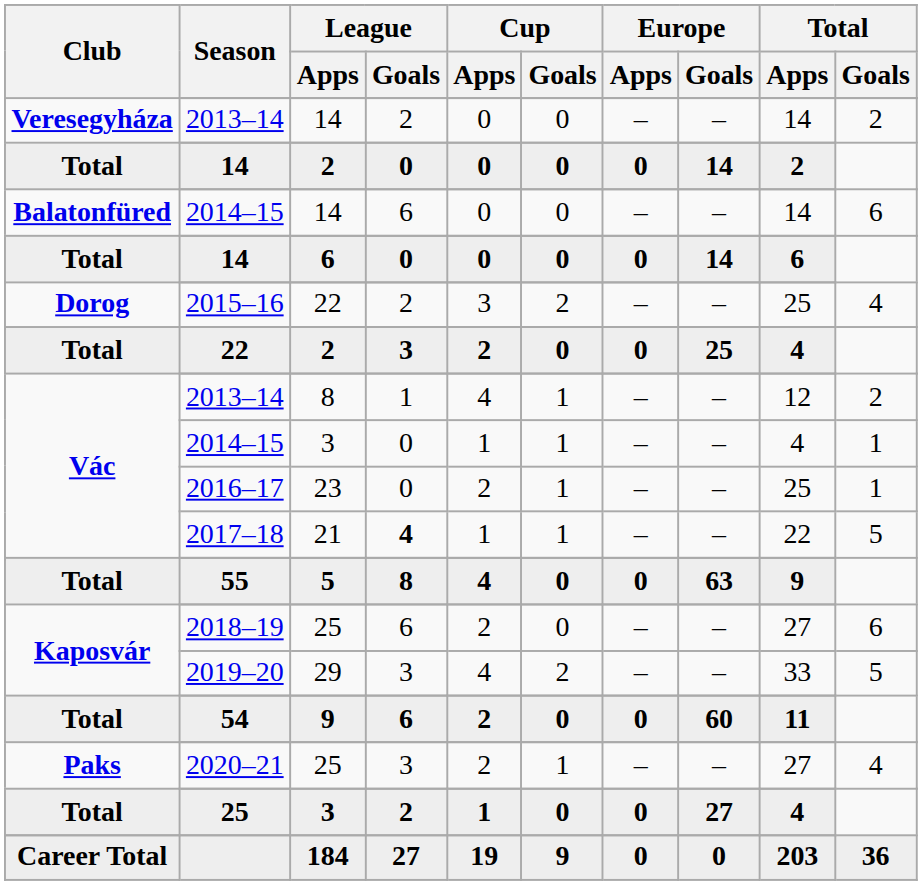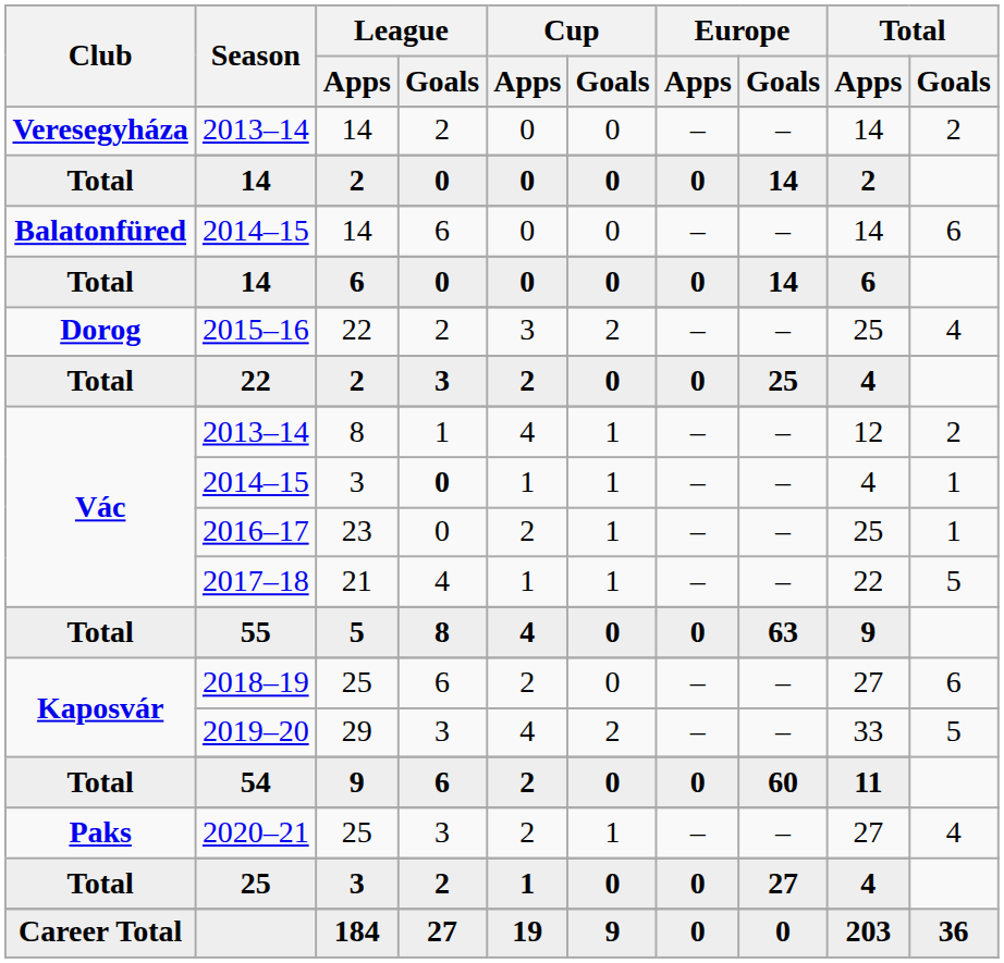 <table class="wikitable" style="font-size:90%; text-align: center;">
 <tr>
 <th rowspan="2">Club</th>
 <th rowspan="2">Season</th>
 <th colspan="2">League</th>
 <th colspan="2">Cup</th>
 <th colspan="2">Europe</th>
 <th colspan="2">Total</th>
 </tr>
 <tr>
 <th>Apps</th>
 <th>Goals</th>
 <th>Apps</th>
 <th>Goals</th>
 <th>Apps</th>
 <th>Goals</th>
 <th>Apps</th>
 <th>Goals</th>
 </tr>
 <tr ||-||-||-|->
 <td rowspan="3" valign="center"><strong><a href='#'>Veresegyháza</a></strong></td>
 </tr>
 <tr>
 <td><a href='#'>2013–14</a></td>
 <td>14</td>
 <td>2</td>
 <td>0</td>
 <td>0</td>
 <td>–</td>
 <td>–</td>
 <td>14</td>
 <td>2</td>
 </tr>
 <tr>
 </tr>
 <tr style="font-weight:bold; background-color:#eeeeee;">
 <td>Total</td>
 <td>14</td>
 <td>2</td>
 <td>0</td>
 <td>0</td>
 <td>0</td>
 <td>0</td>
 <td>14</td>
 <td>2</td>
 </tr>
 <tr>
 <td rowspan="3" valign="center"><strong><a href='#'>Balatonfüred</a></strong></td>
 </tr>
 <tr>
 <td><a href='#'>2014–15</a></td>
 <td>14</td>
 <td>6</td>
 <td>0</td>
 <td>0</td>
 <td>–</td>
 <td>–</td>
 <td>14</td>
 <td>6</td>
 </tr>
 <tr>
 </tr>
 <tr style="font-weight:bold; background-color:#eeeeee;">
 <td>Total</td>
 <td>14</td>
 <td>6</td>
 <td>0</td>
 <td>0</td>
 <td>0</td>
 <td>0</td>
 <td>14</td>
 <td>6</td>
 </tr>
 <tr>
 <td rowspan="3" valign="center"><strong><a href='#'>Dorog</a></strong></td>
 </tr>
 <tr>
 <td><a href='#'>2015–16</a></td>
 <td>22</td>
 <td>2</td>
 <td>3</td>
 <td>2</td>
 <td>–</td>
 <td>–</td>
 <td>25</td>
 <td>4</td>
 </tr>
 <tr>
 </tr>
 <tr style="font-weight:bold; background-color:#eeeeee;">
 <td>Total</td>
 <td>22</td>
 <td>2</td>
 <td>3</td>
 <td>2</td>
 <td>0</td>
 <td>0</td>
 <td>25</td>
 <td>4</td>
 </tr>
 <tr>
 <td rowspan="6" valign="center"><strong><a href='#'>Vác</a></strong></td>
 </tr>
 <tr>
 <td><a href='#'>2013–14</a></td>
 <td>8</td>
 <td>1</td>
 <td>4</td>
 <td>1</td>
 <td>–</td>
 <td>–</td>
 <td>12</td>
 <td>2</td>
 </tr>
 <tr>
 <td><a href='#'>2014–15</a></td>
 <td>3</td>
-<td>0</td>
+<td><strong>0</strong></td>
 <td>1</td>
 <td>1</td>
 <td>–</td>
 <td>–</td>
 <td>4</td>
 <td>1</td>
 </tr>
 <tr>
 <td><a href='#'>2016–17</a></td>
 <td>23</td>
 <td>0</td>
 <td>2</td>
 <td>1</td>
 <td>–</td>
 <td>–</td>
 <td>25</td>
 <td>1</td>
 </tr>
 <tr>
 <td><a href='#'>2017–18</a></td>
 <td>21</td>
-<td><strong>4</strong></td>
+<td>4</td>
 <td>1</td>
 <td>1</td>
 <td>–</td>
 <td>–</td>
 <td>22</td>
 <td>5</td>
 </tr>
 <tr>
 </tr>
 <tr style="font-weight:bold; background-color:#eeeeee;">
 <td>Total</td>
 <td>55</td>
 <td>5</td>
 <td>8</td>
 <td>4</td>
 <td>0</td>
 <td>0</td>
 <td>63</td>
 <td>9</td>
 </tr>
 <tr>
 <td rowspan="4" valign="center"><strong><a href='#'>Kaposvár</a></strong></td>
 </tr>
 <tr>
 <td><a href='#'>2018–19</a></td>
 <td>25</td>
 <td>6</td>
 <td>2</td>
 <td>0</td>
 <td>–</td>
 <td>–</td>
 <td>27</td>
 <td>6</td>
 </tr>
 <tr>
 <td><a href='#'>2019–20</a></td>
 <td>29</td>
 <td>3</td>
 <td>4</td>
 <td>2</td>
 <td>–</td>
 <td>–</td>
 <td>33</td>
 <td>5</td>
 </tr>
 <tr>
 </tr>
 <tr style="font-weight:bold; background-color:#eeeeee;">
 <td>Total</td>
 <td>54</td>
 <td>9</td>
 <td>6</td>
 <td>2</td>
 <td>0</td>
 <td>0</td>
 <td>60</td>
 <td>11</td>
 </tr>
 <tr>
 <td rowspan="3" valign="center"><strong><a href='#'>Paks</a></strong></td>
 </tr>
 <tr>
 <td><a href='#'>2020–21</a></td>
 <td>25</td>
 <td>3</td>
 <td>2</td>
 <td>1</td>
 <td>–</td>
 <td>–</td>
 <td>27</td>
 <td>4</td>
 </tr>
 <tr>
 </tr>
 <tr style="font-weight:bold; background-color:#eeeeee;">
 <td>Total</td>
 <td>25</td>
 <td>3</td>
 <td>2</td>
 <td>1</td>
 <td>0</td>
 <td>0</td>
 <td>27</td>
 <td>4</td>
 </tr>
 <tr>
 </tr>
 <tr style="font-weight:bold; background-color:#eeeeee;">
 <td rowspan="2" valign="top"><strong>Career Total</strong></td>
 <td></td>
 <td><strong>184</strong></td>
 <td><strong>27</strong></td>
 <td><strong>19</strong></td>
 <td><strong>9</strong></td>
 <td><strong>0</strong></td>
 <td><strong>0</strong></td>
 <td><strong>203</strong></td>
 <td><strong>36</strong></td>
 </tr>
 </table>
